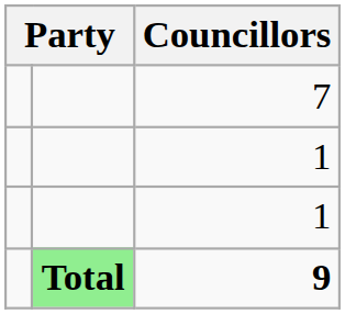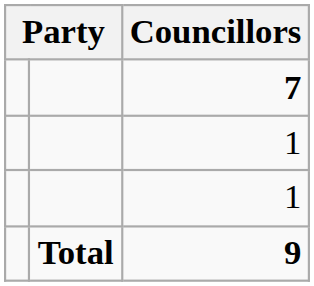 <table class="wikitable">
 <tr>
 <th colspan="2">Party</th>
 <th>Councillors</th>
 </tr>
 <tr>
 <td> </td>
 <td></td>
-<td align=right>7</td>
+<td align=right><strong>7</strong></td>
 </tr>
 <tr>
 <td> </td>
 <td></td>
 <td align=right>1</td>
 </tr>
 <tr>
 <td> </td>
 <td></td>
 <td align=right>1</td>
 </tr>
 <tr>
 <td></td>
-<td style="background: lightgreen;"><strong>Total</strong></td>
+<td><strong>Total</strong></td>
 <td align=right><strong>9</strong></td>
 </tr>
 </table>
